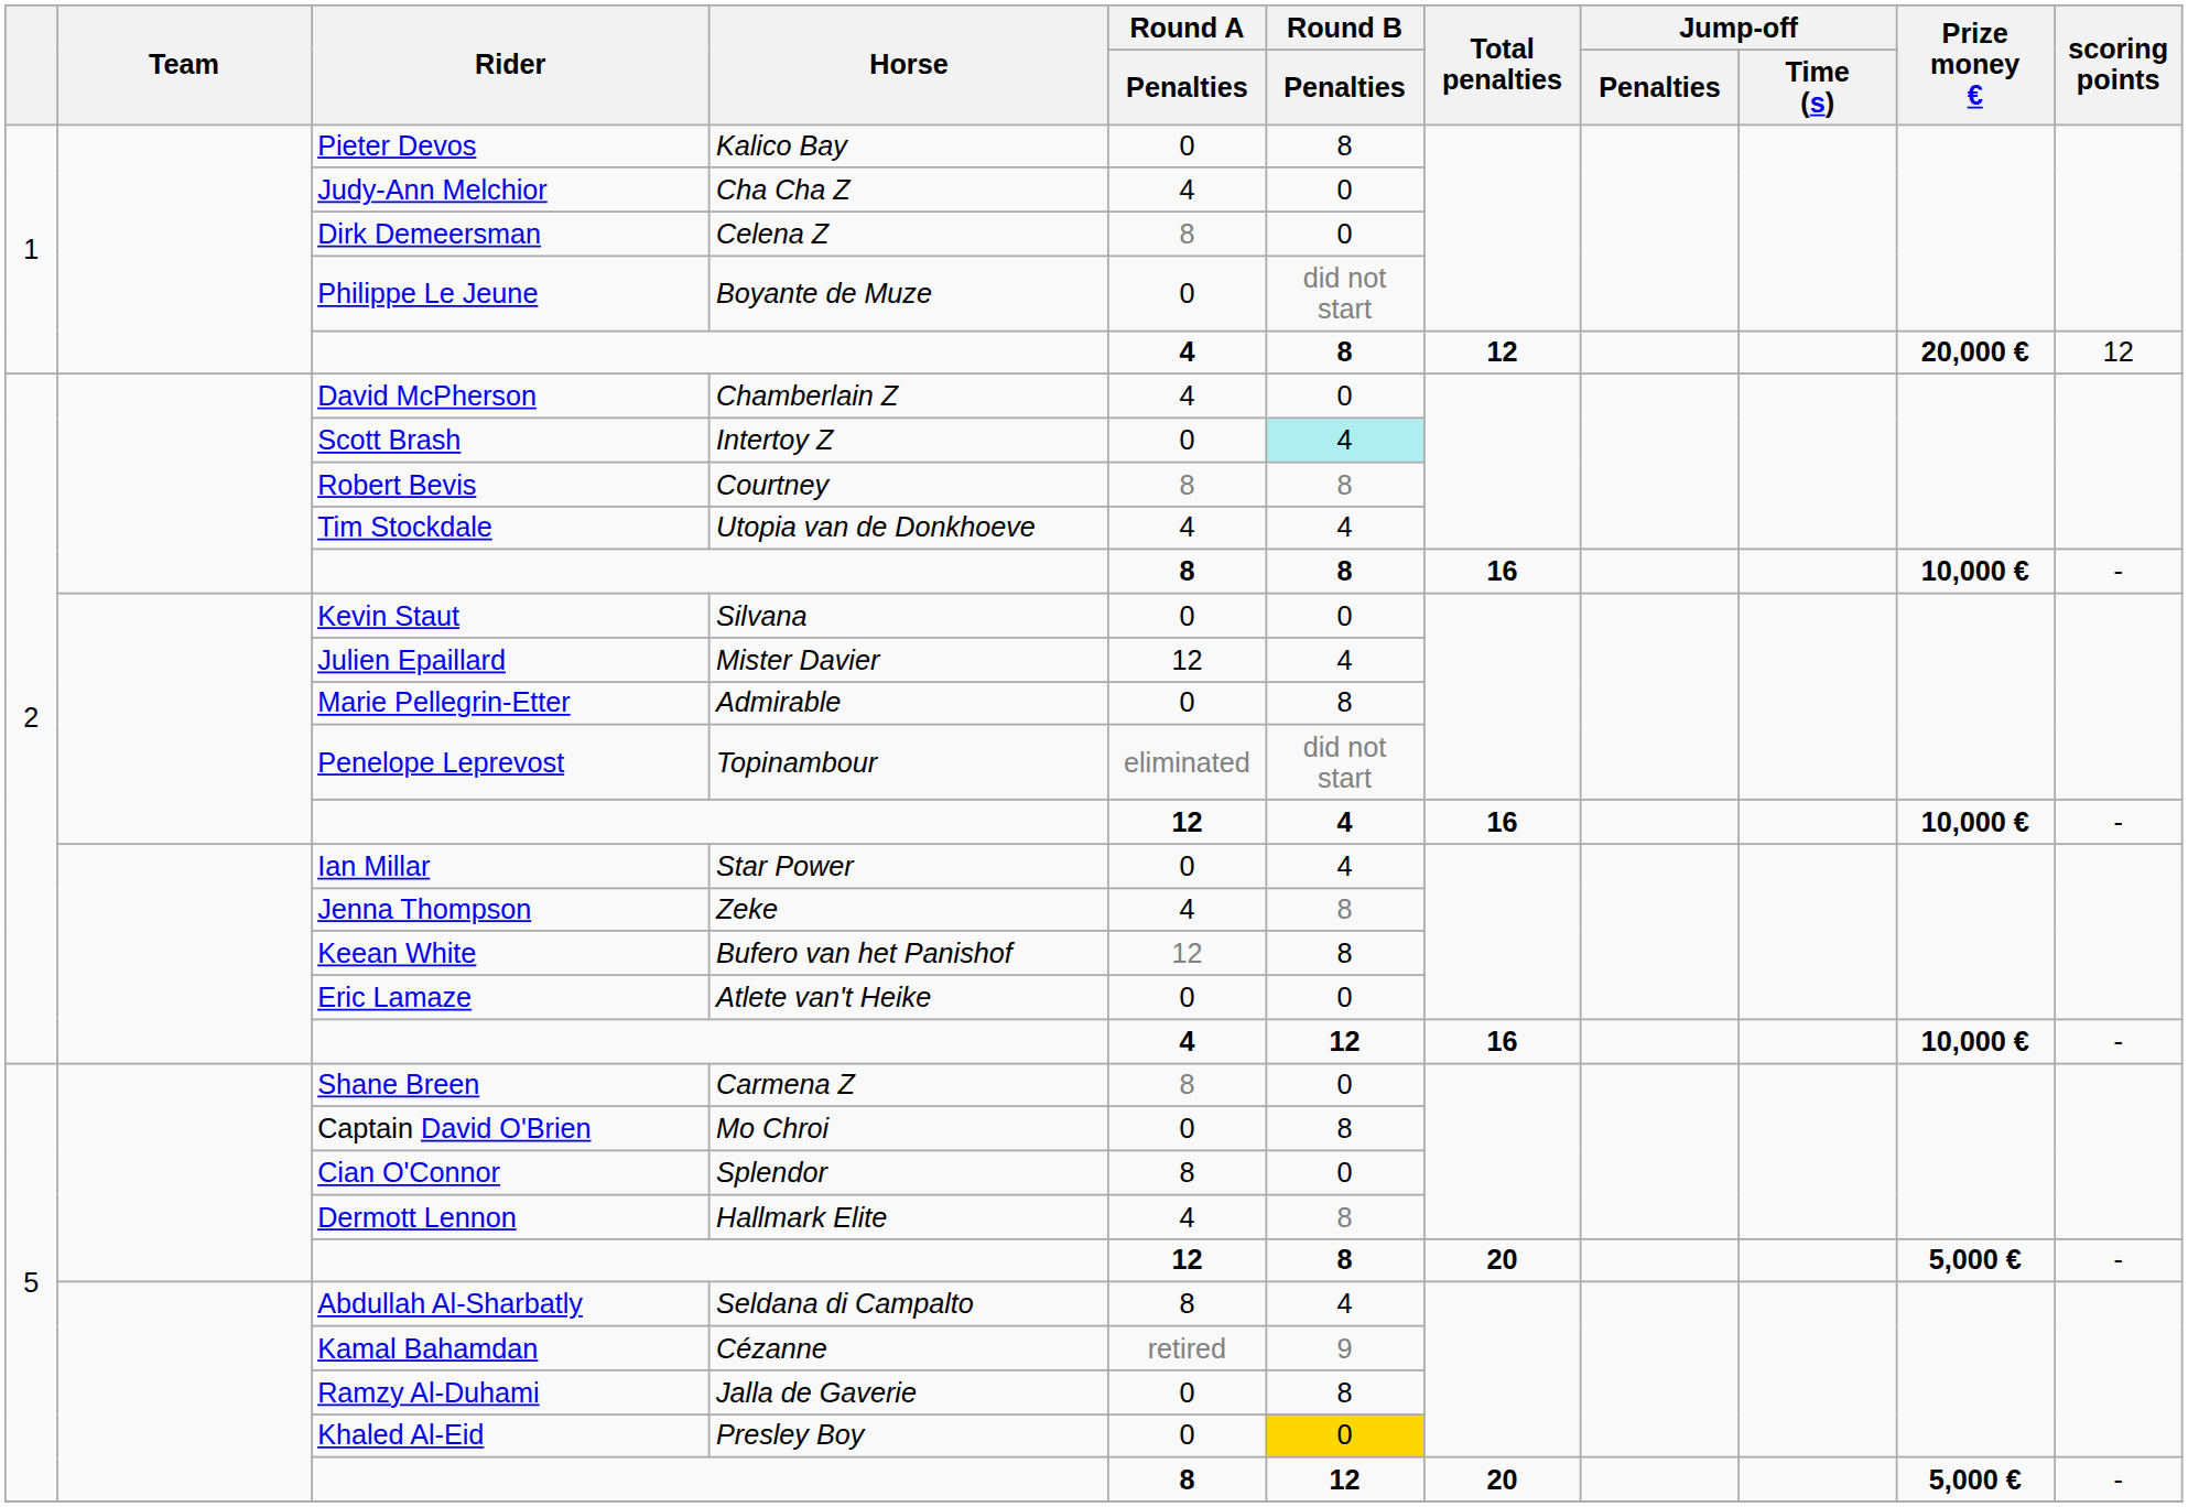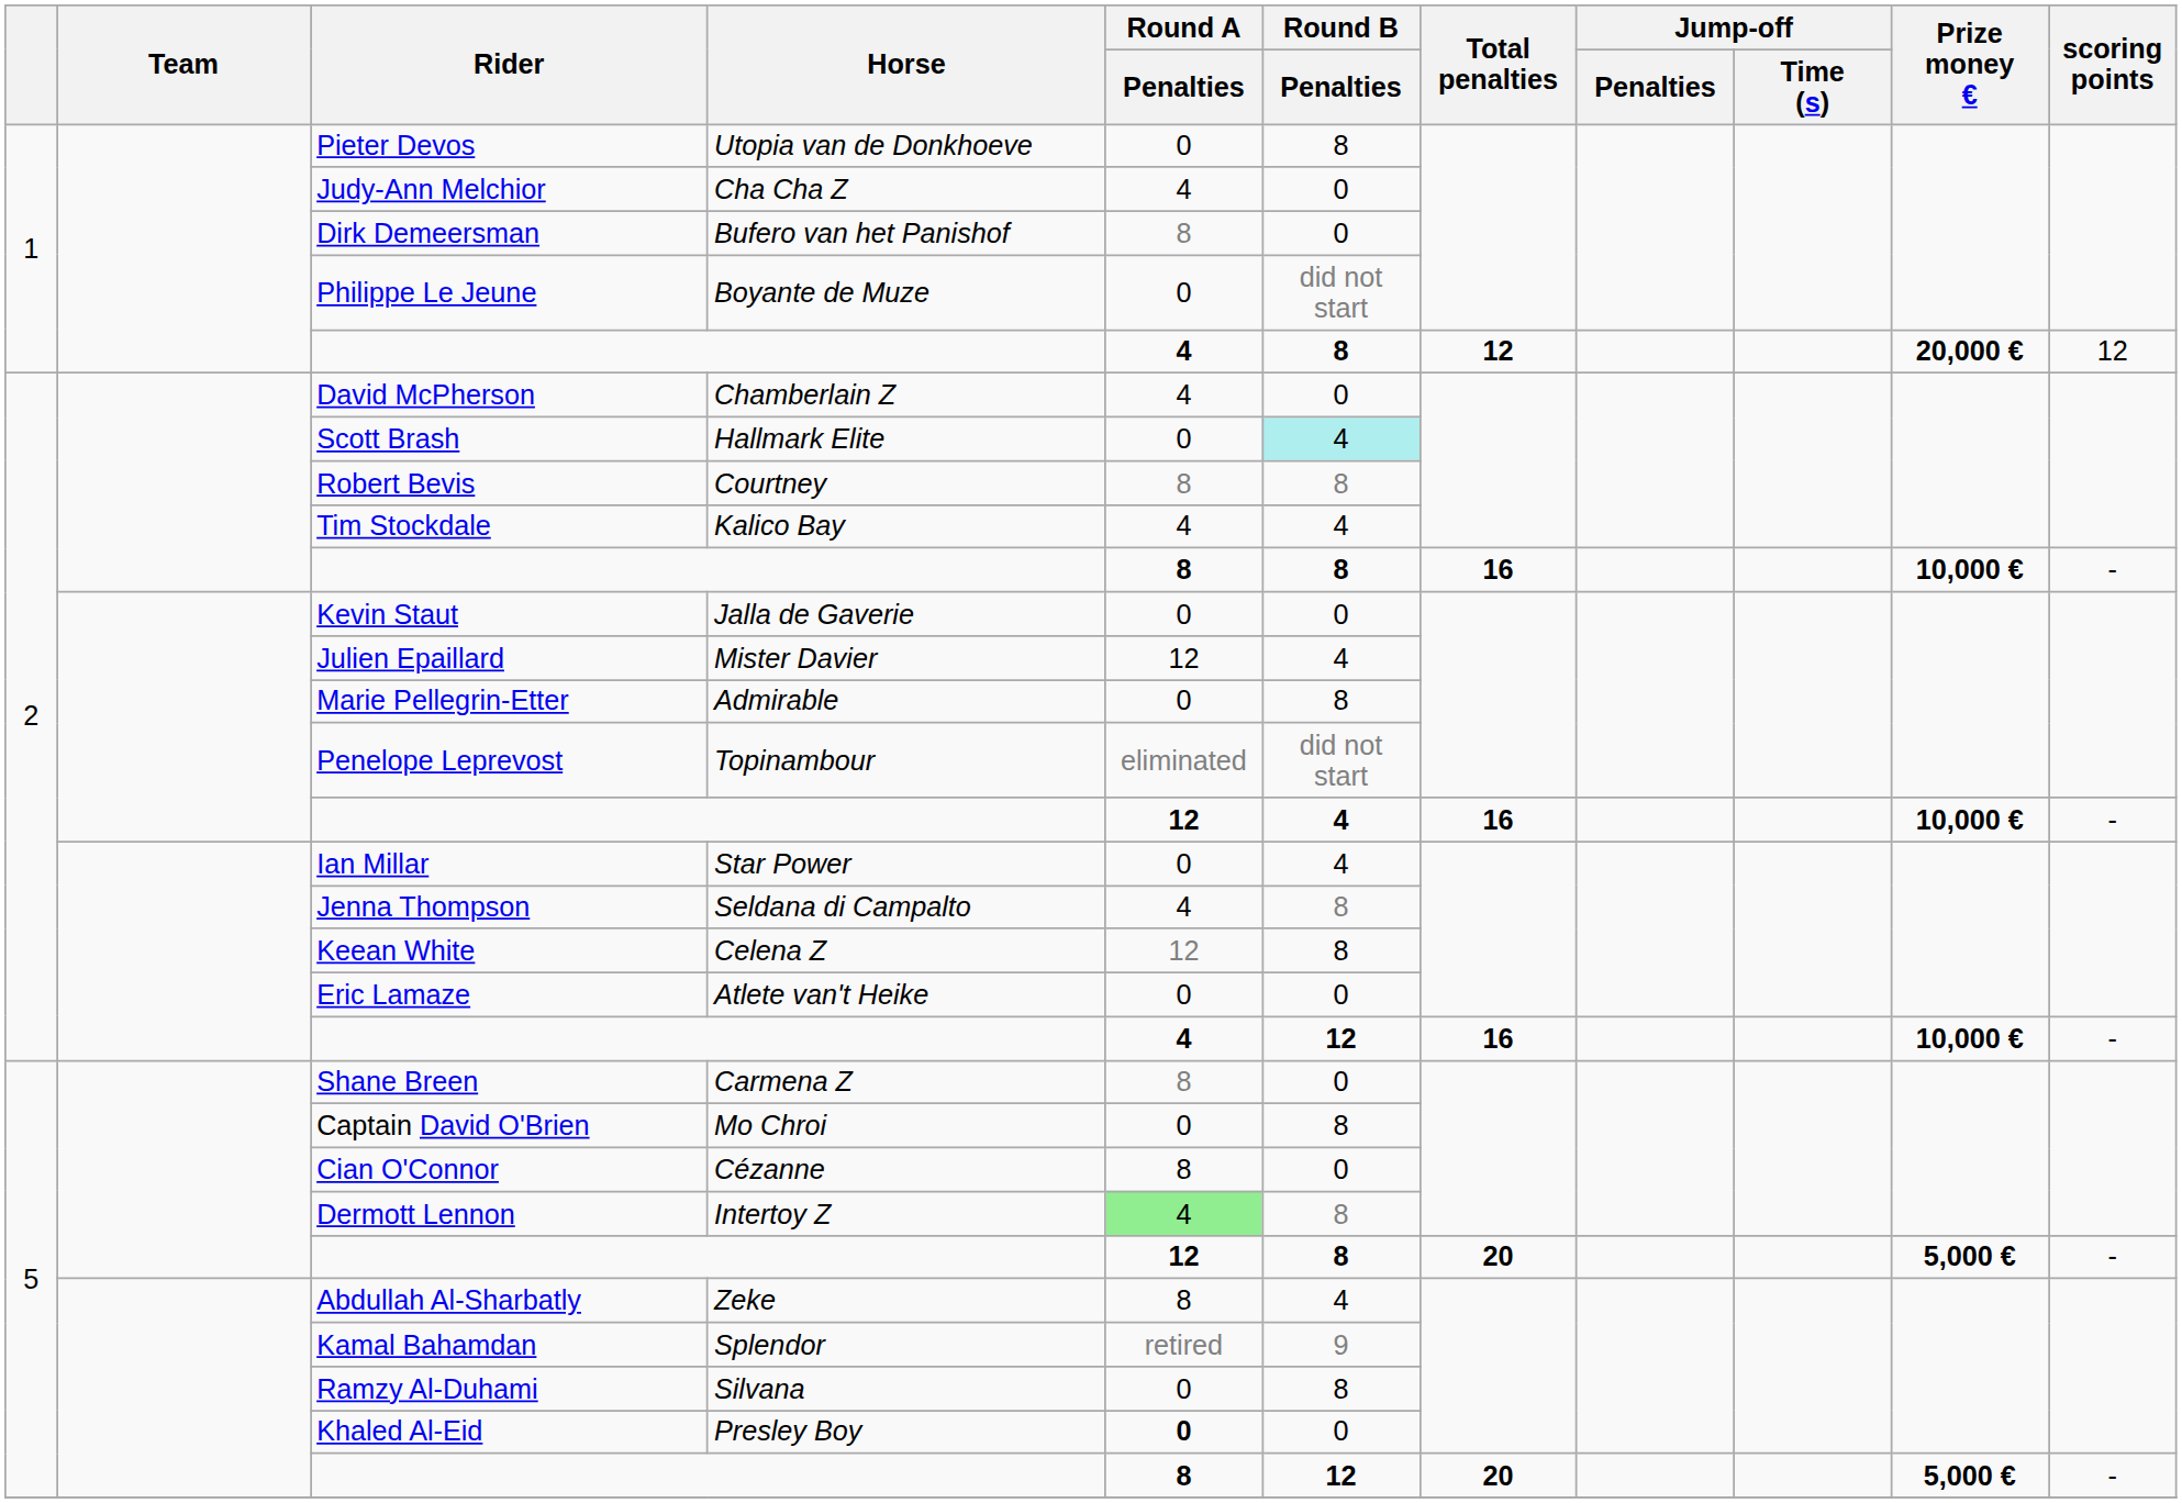 <table class="wikitable" style="font-size: 90%">
 <tr>
 <th rowspan=2 width=20></th>
 <th rowspan=2 width=125>Team</th>
 <th rowspan=2 width=200>Rider</th>
 <th rowspan=2 width=200>Horse</th>
 <th>Round A</th>
 <th>Round B</th>
 <th rowspan=2 width=75>Total penalties</th>
 <th colspan=2>Jump-off</th>
 <th rowspan=2 width=75>Prize money<br><a href='#'>€</a></th>
 <th rowspan=2 width=60>scoring<br>points</th>
 </tr>
 <tr>
 <th width=75>Penalties</th>
 <th width=75>Penalties</th>
 <th width=75>Penalties</th>
 <th width=75>Time<br>(<a href='#'>s</a>)</th>
 </tr>
 <tr>
 <td rowspan=5 align=center>1</td>
 <td rowspan=5></td>
 <td><a href='#'>Pieter Devos</a></td>
-<td><em>Kalico Bay</em></td>
+<td><em>Utopia van de Donkhoeve</em></td>
 <td align=center>0</td>
 <td align=center>8</td>
 <td rowspan=4></td>
 <td rowspan=4></td>
 <td rowspan=4></td>
 <td rowspan=4></td>
 <td rowspan=4></td>
 </tr>
 <tr>
 <td><a href='#'>Judy-Ann Melchior</a></td>
 <td><em>Cha Cha Z</em></td>
 <td align=center>4</td>
 <td align=center>0</td>
 </tr>
 <tr>
 <td><a href='#'>Dirk Demeersman</a></td>
-<td><em>Celena Z</em></td>
+<td><em>Bufero van het Panishof</em></td>
 <td align=center style=color:gray>8</td>
 <td align=center>0</td>
 </tr>
 <tr>
 <td><a href='#'>Philippe Le Jeune</a></td>
 <td><em>Boyante de Muze</em></td>
 <td align=center>0</td>
 <td align=center style=color:gray>did not start</td>
 </tr>
 <tr>
 <td colspan=2></td>
 <td align=center><strong>4</strong></td>
 <td align=center><strong>8</strong></td>
 <td align=center><strong>12</strong></td>
 <td></td>
 <td></td>
 <td align=center><strong>20,000 €</strong></td>
 <td align=center>12</td>
 </tr>
 <tr>
 <td rowspan=15 align=center>2</td>
 <td rowspan=5></td>
 <td><a href='#'>David McPherson</a></td>
 <td><em>Chamberlain Z</em></td>
 <td align=center>4</td>
 <td align=center>0</td>
 <td rowspan=4></td>
 <td rowspan=4></td>
 <td rowspan=4></td>
 <td rowspan=4></td>
 </tr>
 <tr>
 <td><a href='#'>Scott Brash</a></td>
-<td><em>Intertoy Z</em></td>
+<td><em>Hallmark Elite</em></td>
 <td align=center>0</td>
 <td align=center style="background: paleturquoise;">4</td>
 </tr>
 <tr>
 <td><a href='#'>Robert Bevis</a></td>
 <td><em>Courtney</em></td>
 <td align=center style=color:gray>8</td>
 <td align=center style=color:gray>8</td>
 </tr>
 <tr>
 <td><a href='#'>Tim Stockdale</a></td>
-<td><em>Utopia van de Donkhoeve</em></td>
+<td><em>Kalico Bay</em></td>
 <td align=center>4</td>
 <td align=center>4</td>
 </tr>
 <tr>
 <td colspan=2></td>
 <td align=center><strong>8</strong></td>
 <td align=center><strong>8</strong></td>
 <td align=center><strong>16</strong></td>
 <td align=center></td>
 <td align=center></td>
 <td align=center><strong>10,000 €</strong></td>
 <td align=center>-</td>
 </tr>
 <tr>
 <td rowspan=5></td>
 <td><a href='#'>Kevin Staut</a></td>
-<td><em>Silvana</em></td>
+<td><em>Jalla de Gaverie</em></td>
 <td align=center>0</td>
 <td align=center>0</td>
 <td rowspan=4></td>
 <td rowspan=4></td>
 <td rowspan=4></td>
 <td rowspan=4></td>
 <td rowspan=4></td>
 </tr>
 <tr>
 <td><a href='#'>Julien Epaillard</a></td>
 <td><em>Mister Davier</em></td>
 <td align=center>12</td>
 <td align=center>4</td>
 </tr>
 <tr>
 <td><a href='#'>Marie Pellegrin-Etter</a></td>
 <td><em>Admirable</em></td>
 <td align=center>0</td>
 <td align=center>8</td>
 </tr>
 <tr>
 <td><a href='#'>Penelope Leprevost</a></td>
 <td><em>Topinambour</em></td>
 <td align=center style=color:gray>eliminated</td>
 <td align=center style=color:gray>did not start</td>
 </tr>
 <tr>
 <td colspan=2></td>
 <td align=center><strong>12</strong></td>
 <td align=center><strong>4</strong></td>
 <td align=center><strong>16</strong></td>
 <td></td>
 <td></td>
 <td align=center><strong>10,000 €</strong></td>
 <td align=center>-</td>
 </tr>
 <tr>
 <td rowspan=5></td>
 <td><a href='#'>Ian Millar</a></td>
 <td><em>Star Power</em></td>
 <td align=center>0</td>
 <td align=center>4</td>
 <td rowspan=4></td>
 <td rowspan=4></td>
 <td rowspan=4></td>
 <td rowspan=4></td>
 <td rowspan=4></td>
 </tr>
 <tr>
 <td><a href='#'>Jenna Thompson</a></td>
-<td><em>Zeke</em></td>
+<td><em>Seldana di Campalto</em></td>
 <td align=center>4</td>
 <td align=center style=color:gray>8</td>
 </tr>
 <tr>
 <td><a href='#'>Keean White</a></td>
-<td><em>Bufero van het Panishof</em></td>
+<td><em>Celena Z</em></td>
 <td align=center style=color:gray>12</td>
 <td align=center>8</td>
 </tr>
 <tr>
 <td><a href='#'>Eric Lamaze</a></td>
 <td><em>Atlete van't Heike</em></td>
 <td align=center>0</td>
 <td align=center>0</td>
 </tr>
 <tr>
 <td colspan=2></td>
 <td align=center><strong>4</strong></td>
 <td align=center><strong>12</strong></td>
 <td align=center><strong>16</strong></td>
 <td></td>
 <td></td>
 <td align=center><strong>10,000 €</strong></td>
 <td align=center>-</td>
 </tr>
 <tr>
 <td rowspan=10 align=center>5</td>
 <td rowspan=5></td>
 <td><a href='#'>Shane Breen</a></td>
 <td><em>Carmena Z</em></td>
 <td align=center style=color:gray>8</td>
 <td align=center>0</td>
 <td rowspan=4></td>
 <td rowspan=4></td>
 <td rowspan=4></td>
 <td rowspan=4></td>
 <td rowspan=4></td>
 </tr>
 <tr>
 <td>Captain <a href='#'>David O'Brien</a></td>
 <td><em>Mo Chroi</em></td>
 <td align=center>0</td>
 <td align=center>8</td>
 </tr>
 <tr>
 <td><a href='#'>Cian O'Connor</a></td>
-<td><em>Splendor</em></td>
+<td><em>Cézanne</em></td>
 <td align=center>8</td>
 <td align=center>0</td>
 </tr>
 <tr>
 <td><a href='#'>Dermott Lennon</a></td>
-<td><em>Hallmark Elite</em></td>
-<td align=center>4</td>
+<td><em>Intertoy Z</em></td>
+<td align=center style="background: lightgreen;">4</td>
 <td align=center style=color:gray>8</td>
 </tr>
 <tr>
 <td colspan=2></td>
 <td align=center><strong>12</strong></td>
 <td align=center><strong>8</strong></td>
 <td align=center><strong>20</strong></td>
 <td></td>
 <td></td>
 <td align=center><strong>5,000 €</strong></td>
 <td align=center>-</td>
 </tr>
 <tr>
 <td rowspan=5></td>
 <td><a href='#'>Abdullah Al-Sharbatly</a></td>
-<td><em>Seldana di Campalto</em></td>
+<td><em>Zeke</em></td>
 <td align=center>8</td>
 <td align=center>4</td>
 <td rowspan=4></td>
 <td rowspan=4></td>
 <td rowspan=4></td>
 <td rowspan=4></td>
 <td rowspan=4></td>
 </tr>
 <tr>
 <td><a href='#'>Kamal Bahamdan</a></td>
-<td><em>Cézanne</em></td>
+<td><em>Splendor</em></td>
 <td align=center style=color:gray>retired</td>
 <td align=center style=color:gray>9</td>
 </tr>
 <tr>
 <td><a href='#'>Ramzy Al-Duhami</a></td>
-<td><em>Jalla de Gaverie</em></td>
+<td><em>Silvana</em></td>
 <td align=center>0</td>
 <td align=center>8</td>
 </tr>
 <tr>
 <td><a href='#'>Khaled Al-Eid</a></td>
 <td><em>Presley Boy</em></td>
+<td align=center><strong>0</strong></td>
 <td align=center>0</td>
-<td align=center style="background: gold;">0</td>
 </tr>
 <tr>
 <td colspan=2></td>
 <td align=center><strong>8</strong></td>
 <td align=center><strong>12</strong></td>
 <td align=center><strong>20</strong></td>
 <td></td>
 <td></td>
 <td align=center><strong>5,000 €</strong></td>
 <td align=center>-</td>
 </tr>
 <tr>
 </tr>
 </table>
